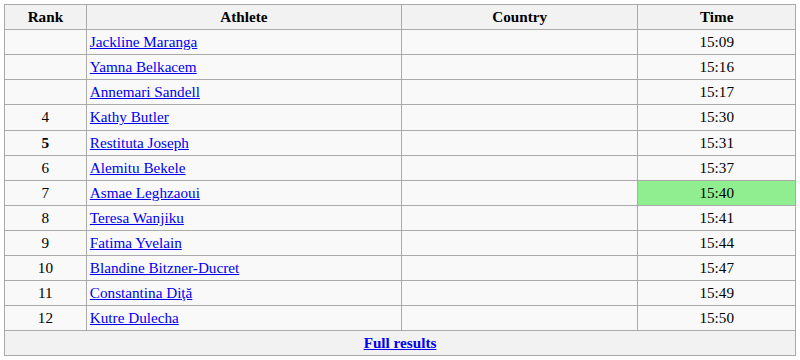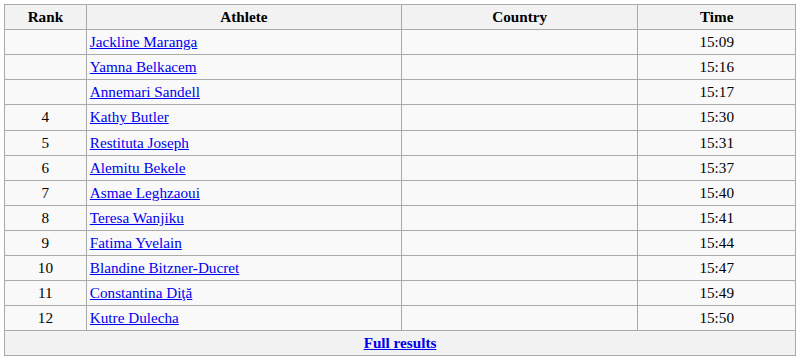 <table class="wikitable sortable" style=" text-align:center; font-size:95%;" width="50%">
 <tr>
 </tr>
 <tr>
 <th width=5%>Rank</th>
 <th width=20%>Athlete</th>
 <th width=15%>Country</th>
 <th width=10%>Time</th>
 </tr>
 <tr>
 <td align=center></td>
 <td align=left><a href='#'>Jackline Maranga</a></td>
 <td align=left></td>
 <td>15:09</td>
 </tr>
 <tr>
 <td align=center></td>
 <td align=left><a href='#'>Yamna Belkacem</a></td>
 <td align=left></td>
 <td>15:16</td>
 </tr>
 <tr>
 <td align=center></td>
 <td align=left><a href='#'>Annemari Sandell</a></td>
 <td align=left></td>
 <td>15:17</td>
 </tr>
 <tr>
 <td align=center>4</td>
 <td align=left><a href='#'>Kathy Butler</a></td>
 <td align=left></td>
 <td>15:30</td>
 </tr>
 <tr>
-<td align=center><strong>5</strong></td>
+<td align=center>5</td>
 <td align=left><a href='#'>Restituta Joseph</a></td>
 <td align=left></td>
 <td>15:31</td>
 </tr>
 <tr>
 <td align=center>6</td>
 <td align=left><a href='#'>Alemitu Bekele</a></td>
 <td align=left></td>
 <td>15:37</td>
 </tr>
 <tr>
 <td align=center>7</td>
 <td align=left><a href='#'>Asmae Leghzaoui</a></td>
 <td align=left></td>
-<td style="background: lightgreen;">15:40</td>
+<td>15:40</td>
 </tr>
 <tr>
 <td align=center>8</td>
 <td align=left><a href='#'>Teresa Wanjiku</a></td>
 <td align=left></td>
 <td>15:41</td>
 </tr>
 <tr>
 <td align=center>9</td>
 <td align=left><a href='#'>Fatima Yvelain</a></td>
 <td align=left></td>
 <td>15:44</td>
 </tr>
 <tr>
 <td align=center>10</td>
 <td align=left><a href='#'>Blandine Bitzner-Ducret</a></td>
 <td align=left></td>
 <td>15:47</td>
 </tr>
 <tr>
 <td align=center>11</td>
 <td align=left><a href='#'>Constantina Diţă</a></td>
 <td align=left></td>
 <td>15:49</td>
 </tr>
 <tr>
 <td align=center>12</td>
 <td align=left><a href='#'>Kutre Dulecha</a></td>
 <td align=left></td>
 <td>15:50</td>
 </tr>
 <tr class="sortbottom">
 <th colspan=4 align=center><a href='#'>Full results</a></th>
 </tr>
 </table>
